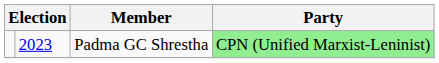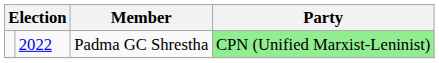 <table class="wikitable">
 <tr>
 <th colspan="2">Election</th>
 <th>Member</th>
 <th>Party</th>
 </tr>
 <tr>
 <td style="background-color:"></td>
-<td><a href='#'>2023</a></td>
+<td><a href='#'>2022</a></td>
 <td>Padma GC Shrestha</td>
 <td style="background: lightgreen;">CPN (Unified Marxist-Leninist)</td>
 </tr>
 <tr>
 </tr>
 </table>
